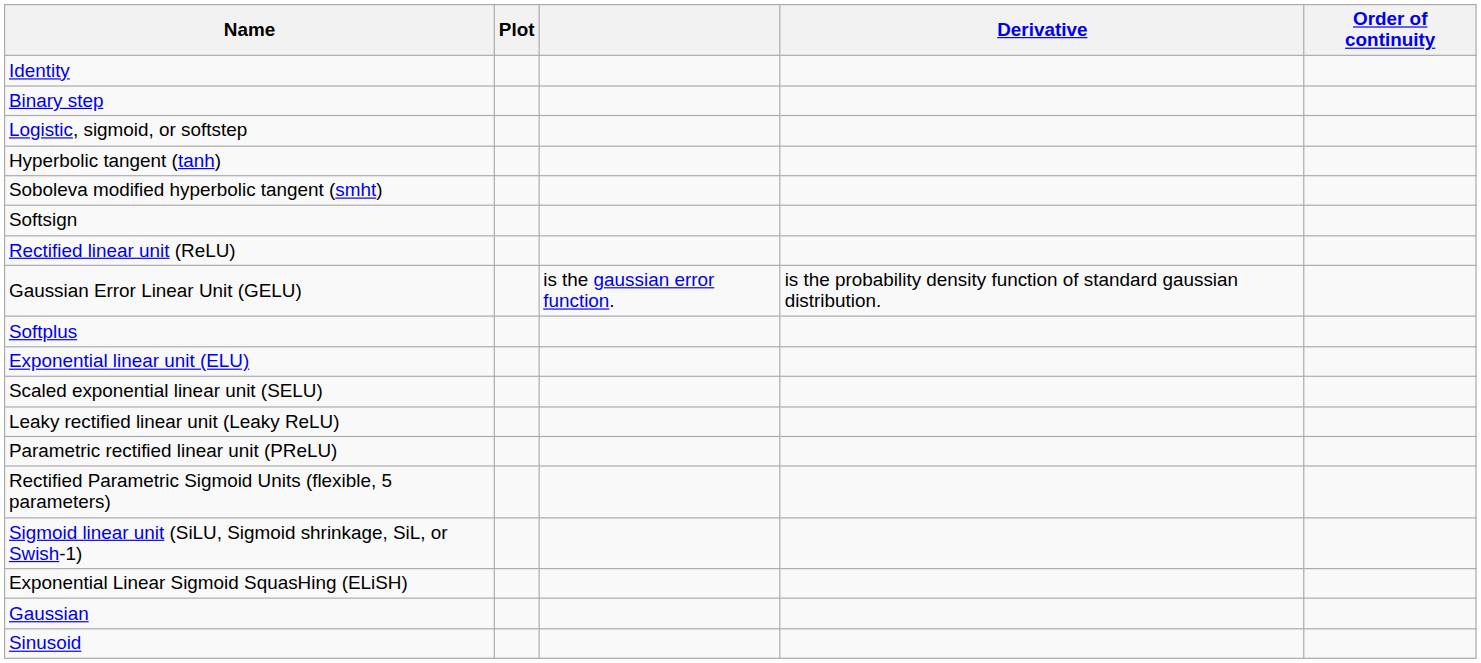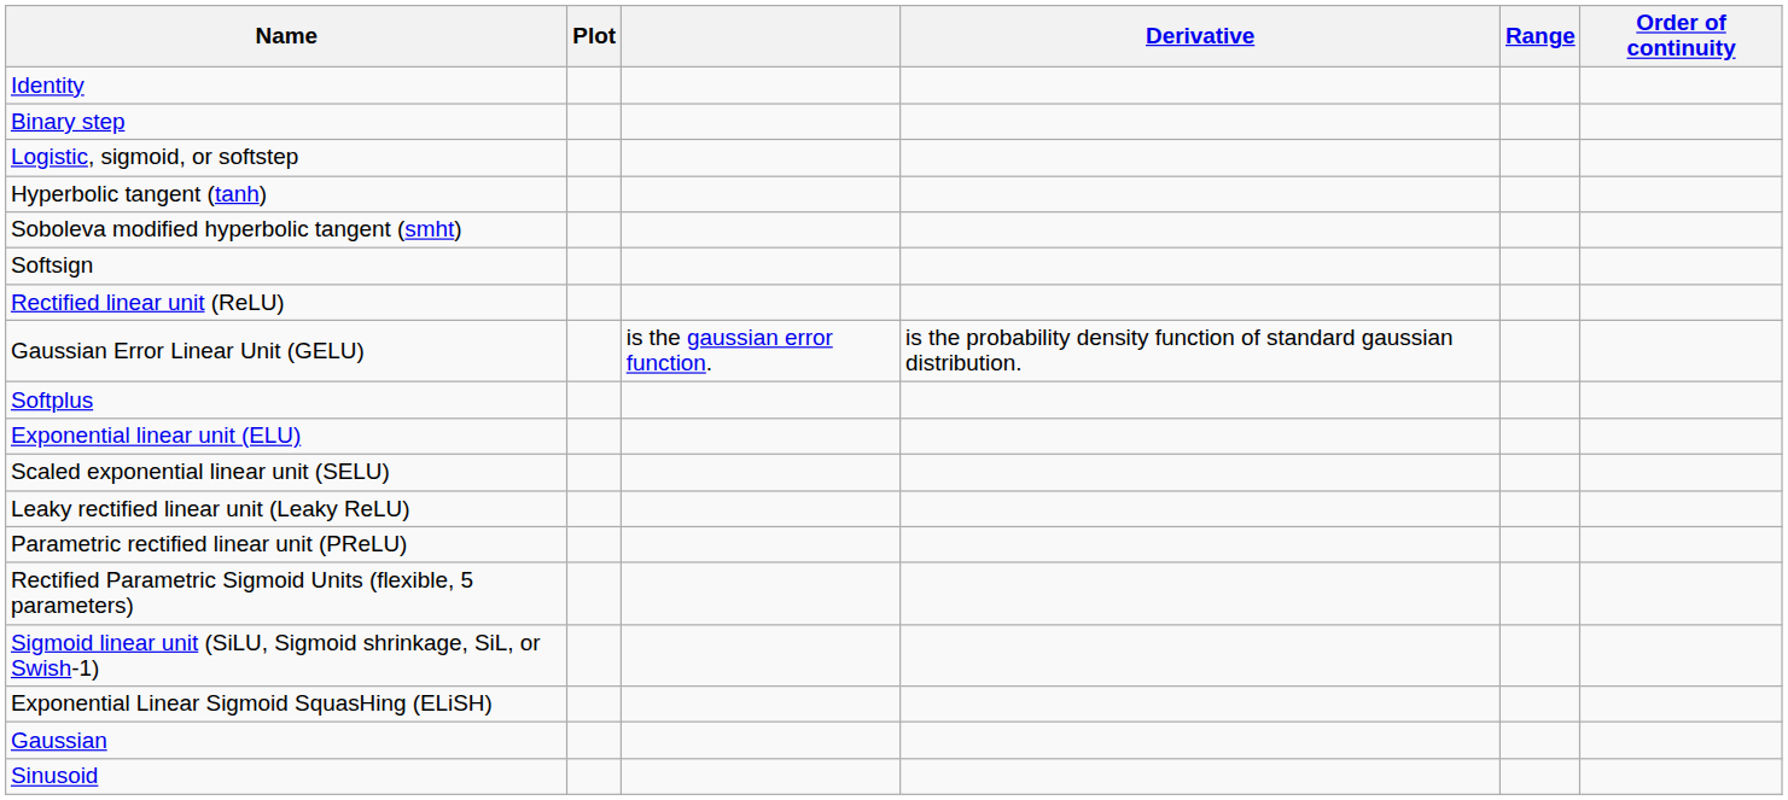 <table class="wikitable sortable bs-exportable exportable">
 <tr>
 <th>Name</th>
 <th class="unsortable">Plot</th>
 <th></th>
 <th><a href='#'>Derivative</a></th>
+<th><a href='#'>Range</a></th>
 <th><a href='#'>Order of continuity</a></th>
 </tr>
 <tr>
 <td><a href='#'>Identity</a></td>
+<td></td>
 <td></td>
 <td></td>
 <td></td>
 <td></td>
 </tr>
 <tr>
 <td><a href='#'>Binary step</a></td>
 <td></td>
 <td></td>
 <td></td>
 <td></td>
+<td></td>
 </tr>
 <tr>
 <td><a href='#'>Logistic</a>, sigmoid, or softstep</td>
+<td></td>
 <td></td>
 <td></td>
 <td></td>
 <td></td>
 </tr>
 <tr>
 <td>Hyperbolic tangent (<a href='#'>tanh</a>)</td>
 <td></td>
 <td></td>
 <td></td>
 <td></td>
+<td></td>
 </tr>
 <tr>
 <td>Soboleva modified hyperbolic tangent (<a href='#'>smht</a>)</td>
+<td></td>
 <td></td>
 <td></td>
 <td></td>
 <td></td>
 </tr>
 <tr>
 <td>Softsign</td>
 <td></td>
 <td></td>
 <td></td>
 <td></td>
+<td></td>
 </tr>
 <tr>
 <td><a href='#'>Rectified linear unit</a> (ReLU)</td>
+<td></td>
 <td></td>
 <td></td>
 <td></td>
 <td></td>
 </tr>
 <tr>
 <td>Gaussian Error Linear Unit (GELU)</td>
 <td></td>
 <td> is the <a href='#'>gaussian error function</a>.</td>
 <td> is the probability density function of standard gaussian distribution.</td>
 <td></td>
+<td></td>
 </tr>
 <tr>
 <td><a href='#'>Softplus</a></td>
+<td></td>
 <td></td>
 <td></td>
 <td></td>
 <td></td>
 </tr>
 <tr>
 <td><a href='#'>Exponential linear unit (ELU)</a></td>
 <td></td>
 <td><br></td>
 <td></td>
 <td></td>
+<td></td>
 </tr>
 <tr>
 <td>Scaled exponential linear unit (SELU)</td>
 <td></td>
 <td><br></td>
 <td></td>
 <td></td>
+<td></td>
 </tr>
 <tr>
 <td>Leaky rectified linear unit (Leaky ReLU)</td>
+<td></td>
 <td></td>
 <td></td>
 <td></td>
 <td></td>
 </tr>
 <tr>
 <td>Parametric rectified linear unit (PReLU)</td>
 <td></td>
 <td><br></td>
 <td></td>
 <td></td>
+<td></td>
 </tr>
 <tr>
 <td>Rectified Parametric Sigmoid Units (flexible, 5 parameters)</td>
 <td></td>
 <td><br> </td>
 <td></td>
 <td></td>
+<td></td>
 </tr>
 <tr>
 <td><a href='#'>Sigmoid linear unit</a> (SiLU, Sigmoid shrinkage, SiL, or <a href='#'>Swish</a>-1)</td>
+<td></td>
 <td></td>
 <td></td>
 <td></td>
 <td></td>
 </tr>
 <tr>
 <td>Exponential Linear Sigmoid SquasHing (ELiSH)</td>
 <td></td>
 <td></td>
 <td></td>
 <td></td>
+<td></td>
 </tr>
 <tr>
 <td><a href='#'>Gaussian</a></td>
+<td></td>
 <td></td>
 <td></td>
 <td></td>
 <td></td>
 </tr>
 <tr>
 <td><a href='#'>Sinusoid</a></td>
 <td></td>
 <td></td>
 <td></td>
 <td></td>
+<td></td>
 </tr>
 </table>
